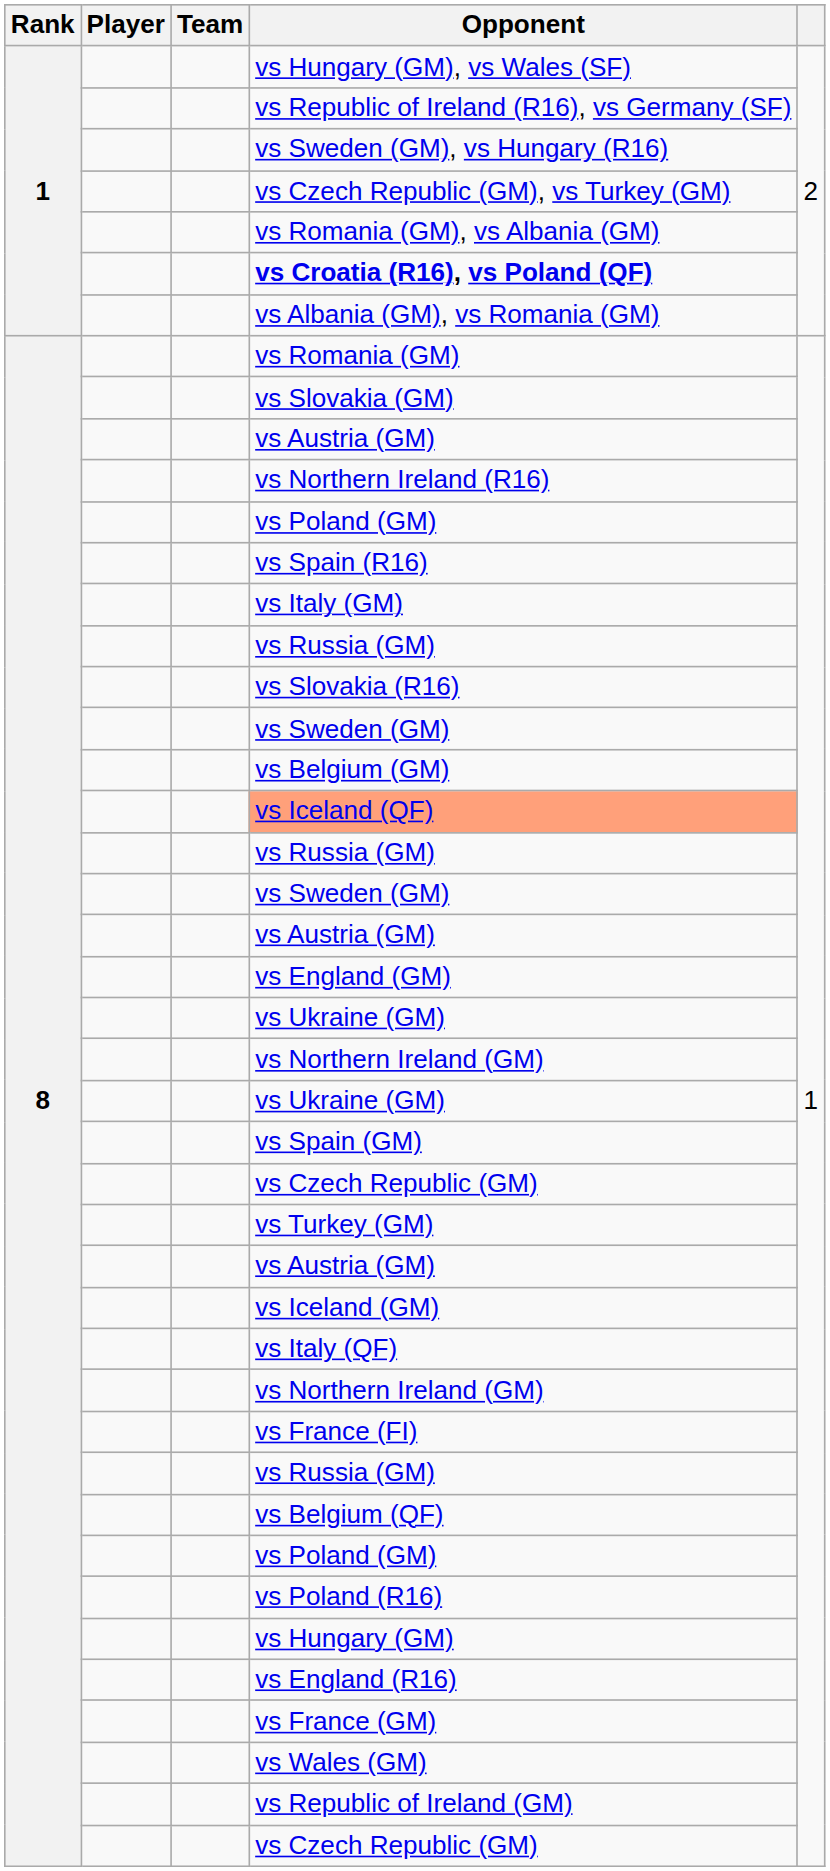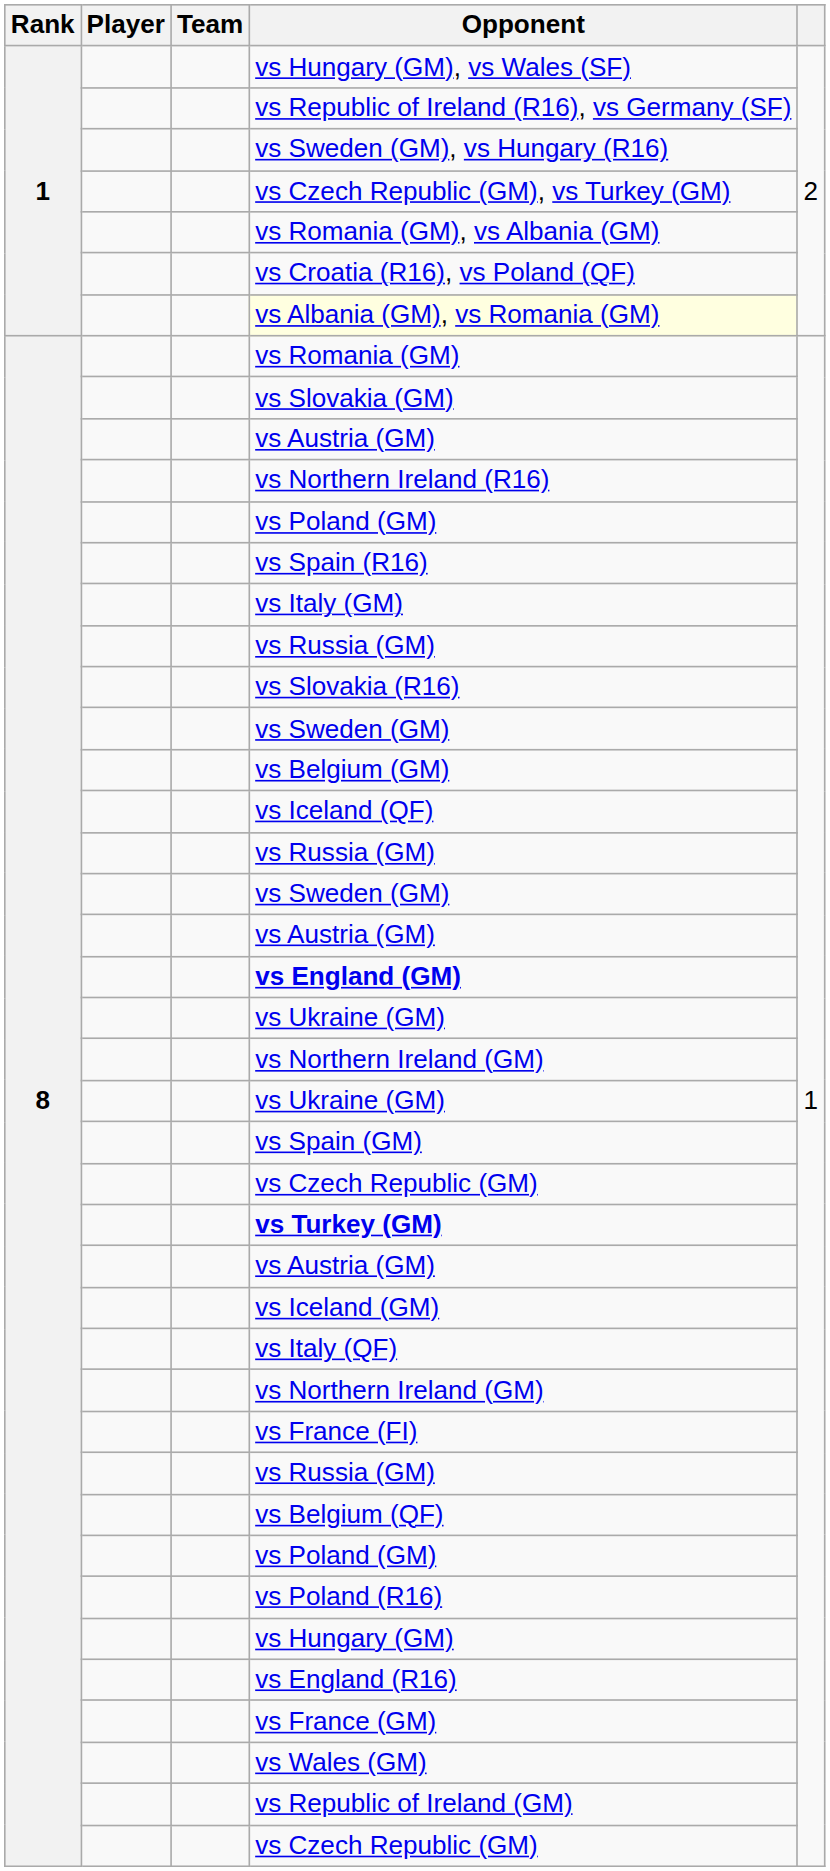 <table class="wikitable sortable">
 <tr>
 <th>Rank</th>
 <th>Player</th>
 <th>Team</th>
 <th class="unsortable">Opponent</th>
 <th></th>
 </tr>
 <tr>
 <th rowspan="7">1 </th>
 <td></td>
 <td></td>
 <td><a href='#'>vs Hungary (GM)</a>, <a href='#'>vs Wales (SF)</a></td>
 <td rowspan="7" align="center">2</td>
 </tr>
 <tr>
 <td></td>
 <td></td>
 <td><a href='#'>vs Republic of Ireland (R16)</a>, <a href='#'>vs Germany (SF)</a></td>
 </tr>
 <tr>
 <td></td>
 <td></td>
 <td><a href='#'>vs Sweden (GM)</a>, <a href='#'>vs Hungary (R16)</a></td>
 </tr>
 <tr>
 <td></td>
 <td></td>
 <td><a href='#'>vs Czech Republic (GM)</a>, <a href='#'>vs Turkey (GM)</a></td>
 </tr>
 <tr>
 <td></td>
 <td></td>
 <td><a href='#'>vs Romania (GM)</a>, <a href='#'>vs Albania (GM)</a></td>
 </tr>
 <tr>
 <td></td>
 <td></td>
-<td><strong><a href='#'>vs Croatia (R16)</a>, <a href='#'>vs Poland (QF)</a></strong></td>
+<td><a href='#'>vs Croatia (R16)</a>, <a href='#'>vs Poland (QF)</a></td>
 </tr>
 <tr>
 <td></td>
 <td></td>
-<td><a href='#'>vs Albania (GM)</a>, <a href='#'>vs Romania (GM)</a></td>
+<td style="background: lightyellow;"><a href='#'>vs Albania (GM)</a>, <a href='#'>vs Romania (GM)</a></td>
 </tr>
 <tr>
 <th rowspan="37">8</th>
 <td></td>
 <td></td>
 <td><a href='#'>vs Romania (GM)</a></td>
 <td rowspan="37" align="center">1</td>
 </tr>
 <tr>
 <td></td>
 <td></td>
 <td><a href='#'>vs Slovakia (GM)</a></td>
 </tr>
 <tr>
 <td></td>
 <td></td>
 <td><a href='#'>vs Austria (GM)</a></td>
 </tr>
 <tr>
 <td></td>
 <td></td>
 <td><a href='#'>vs Northern Ireland (R16)</a></td>
 </tr>
 <tr>
 <td></td>
 <td></td>
 <td><a href='#'>vs Poland (GM)</a></td>
 </tr>
 <tr>
 <td></td>
 <td></td>
 <td><a href='#'>vs Spain (R16)</a></td>
 </tr>
 <tr>
 <td></td>
 <td></td>
 <td><a href='#'>vs Italy (GM)</a></td>
 </tr>
 <tr>
 <td></td>
 <td></td>
 <td><a href='#'>vs Russia (GM)</a></td>
 </tr>
 <tr>
 <td></td>
 <td></td>
 <td><a href='#'>vs Slovakia (R16)</a></td>
 </tr>
 <tr>
 <td></td>
 <td></td>
 <td><a href='#'>vs Sweden (GM)</a></td>
 </tr>
 <tr>
 <td></td>
 <td></td>
 <td><a href='#'>vs Belgium (GM)</a></td>
 </tr>
 <tr>
 <td></td>
 <td></td>
-<td style="background: lightsalmon;"><a href='#'>vs Iceland (QF)</a></td>
+<td><a href='#'>vs Iceland (QF)</a></td>
 </tr>
 <tr>
 <td></td>
 <td></td>
 <td><a href='#'>vs Russia (GM)</a></td>
 </tr>
 <tr>
 <td></td>
 <td></td>
 <td><a href='#'>vs Sweden (GM)</a></td>
 </tr>
 <tr>
 <td></td>
 <td></td>
 <td><a href='#'>vs Austria (GM)</a></td>
 </tr>
 <tr>
 <td></td>
 <td></td>
-<td><a href='#'>vs England (GM)</a></td>
+<td><strong><a href='#'>vs England (GM)</a></strong></td>
 </tr>
 <tr>
 <td></td>
 <td></td>
 <td><a href='#'>vs Ukraine (GM)</a></td>
 </tr>
 <tr>
 <td></td>
 <td></td>
 <td><a href='#'>vs Northern Ireland (GM)</a></td>
 </tr>
 <tr>
 <td></td>
 <td></td>
 <td><a href='#'>vs Ukraine (GM)</a></td>
 </tr>
 <tr>
 <td></td>
 <td></td>
 <td><a href='#'>vs Spain (GM)</a></td>
 </tr>
 <tr>
 <td></td>
 <td></td>
 <td><a href='#'>vs Czech Republic (GM)</a></td>
 </tr>
 <tr>
 <td></td>
 <td></td>
-<td><a href='#'>vs Turkey (GM)</a></td>
+<td><strong><a href='#'>vs Turkey (GM)</a></strong></td>
 </tr>
 <tr>
 <td></td>
 <td></td>
 <td><a href='#'>vs Austria (GM)</a></td>
 </tr>
 <tr>
 <td></td>
 <td></td>
 <td><a href='#'>vs Iceland (GM)</a></td>
 </tr>
 <tr>
 <td></td>
 <td></td>
 <td><a href='#'>vs Italy (QF)</a></td>
 </tr>
 <tr>
 <td></td>
 <td></td>
 <td><a href='#'>vs Northern Ireland (GM)</a></td>
 </tr>
 <tr>
 <td></td>
 <td></td>
 <td><a href='#'>vs France (FI)</a></td>
 </tr>
 <tr>
 <td></td>
 <td></td>
 <td><a href='#'>vs Russia (GM)</a></td>
 </tr>
 <tr>
 <td></td>
 <td></td>
 <td><a href='#'>vs Belgium (QF)</a></td>
 </tr>
 <tr>
 <td></td>
 <td></td>
 <td><a href='#'>vs Poland (GM)</a></td>
 </tr>
 <tr>
 <td></td>
 <td></td>
 <td><a href='#'>vs Poland (R16)</a></td>
 </tr>
 <tr>
 <td></td>
 <td></td>
 <td><a href='#'>vs Hungary (GM)</a></td>
 </tr>
 <tr>
 <td></td>
 <td></td>
 <td><a href='#'>vs England (R16)</a></td>
 </tr>
 <tr>
 <td></td>
 <td></td>
 <td><a href='#'>vs France (GM)</a></td>
 </tr>
 <tr>
 <td></td>
 <td></td>
 <td><a href='#'>vs Wales (GM)</a></td>
 </tr>
 <tr>
 <td></td>
 <td></td>
 <td><a href='#'>vs Republic of Ireland (GM)</a></td>
 </tr>
 <tr>
 <td></td>
 <td></td>
 <td><a href='#'>vs Czech Republic (GM)</a></td>
 </tr>
 </table>
